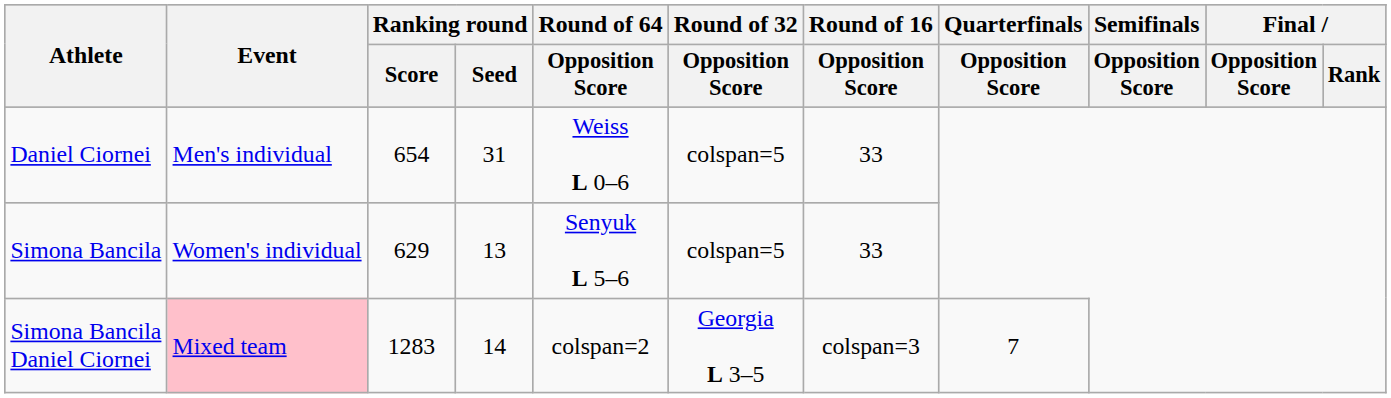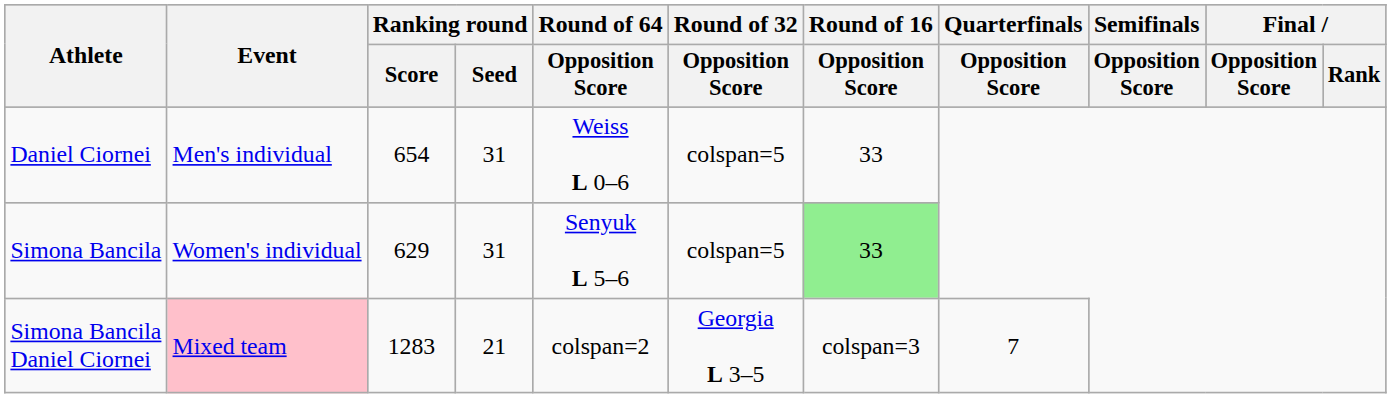 <table class="wikitable" style="font-size:90%">
 <tr>
 <th rowspan=2>Athlete</th>
 <th rowspan=2>Event</th>
 <th colspan=2>Ranking round</th>
 <th>Round of 64</th>
 <th>Round of 32</th>
 <th>Round of 16</th>
 <th>Quarterfinals</th>
 <th>Semifinals</th>
 <th colspan=2>Final / </th>
 </tr>
 <tr style="font-size:95%">
 <th>Score</th>
 <th>Seed</th>
 <th>Opposition<br>Score</th>
 <th>Opposition<br>Score</th>
 <th>Opposition<br>Score</th>
 <th>Opposition<br>Score</th>
 <th>Opposition<br>Score</th>
 <th>Opposition<br>Score</th>
 <th>Rank</th>
 </tr>
 <tr align=center>
 <td align=left><a href='#'>Daniel Ciornei</a></td>
 <td align=left><a href='#'>Men's individual</a></td>
 <td>654</td>
 <td>31</td>
 <td><a href='#'>Weiss</a><br><br><strong>L</strong> 0–6</td>
 <td>colspan=5 </td>
 <td>33</td>
 </tr>
 <tr align=center>
 <td align=left><a href='#'>Simona Bancila</a></td>
 <td align=left><a href='#'>Women's individual</a></td>
 <td>629</td>
-<td>13</td>
+<td>31</td>
 <td><a href='#'>Senyuk</a><br><br> <strong>L</strong> 5–6</td>
 <td>colspan=5 </td>
-<td>33</td>
+<td style="background: lightgreen;">33</td>
 </tr>
 <tr align=center>
 <td align=left><a href='#'>Simona Bancila</a><br><a href='#'>Daniel Ciornei</a></td>
 <td align=left style="background: pink;"><a href='#'>Mixed team</a></td>
 <td>1283</td>
-<td>14</td>
+<td>21</td>
 <td>colspan=2 </td>
 <td><a href='#'>Georgia</a><br><br> <strong>L</strong> 3–5</td>
 <td>colspan=3 </td>
 <td>7</td>
 </tr>
 </table>
